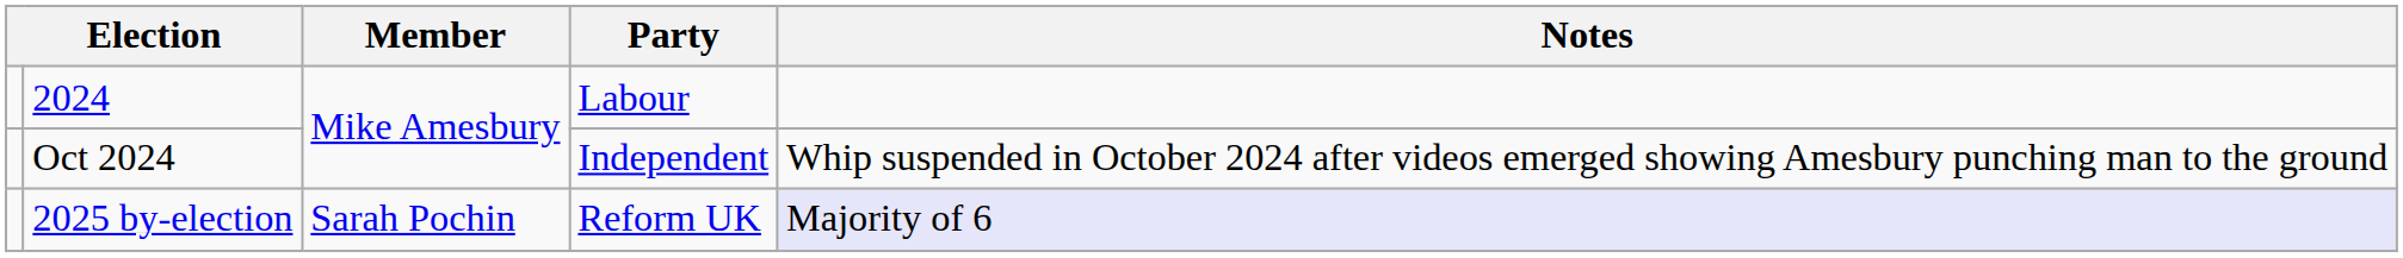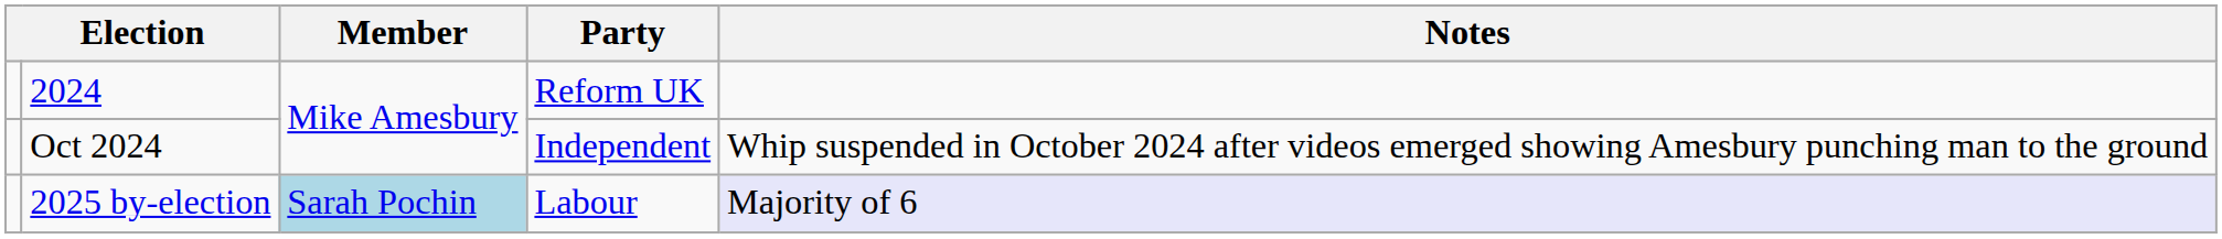 <table class="wikitable">
 <tr>
 <th colspan="2">Election</th>
 <th>Member</th>
 <th>Party</th>
 <th>Notes</th>
 </tr>
 <tr>
 <td style="color:inherit;background-color: "></td>
 <td><a href='#'>2024</a></td>
 <td rowspan="2"><a href='#'>Mike Amesbury</a></td>
-<td><a href='#'>Labour</a></td>
+<td><a href='#'>Reform UK</a></td>
 <td></td>
 </tr>
 <tr>
 <td style="color:inherit;background-color: "></td>
 <td>Oct 2024</td>
 <td><a href='#'>Independent</a></td>
 <td>Whip suspended in October 2024 after videos emerged showing Amesbury punching man to the ground</td>
 </tr>
 <tr>
 <td style="color:inherit;background-color: "></td>
 <td><a href='#'>2025 by-election</a></td>
-<td><a href='#'>Sarah Pochin</a></td>
-<td><a href='#'>Reform UK</a></td>
+<td style="background: lightblue;"><a href='#'>Sarah Pochin</a></td>
+<td><a href='#'>Labour</a></td>
 <td style="background: lavender;">Majority of 6</td>
 </tr>
 </table>
